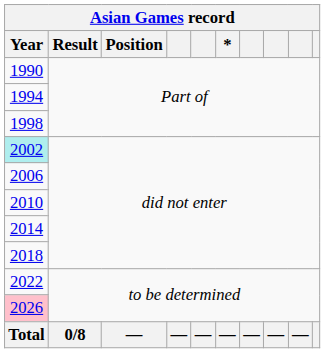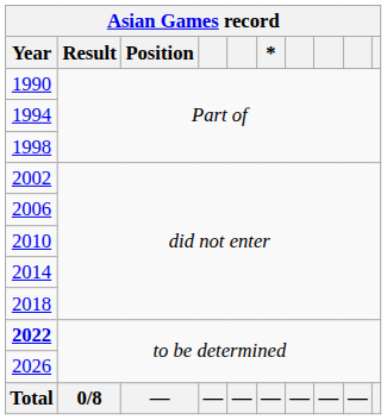 <table class="wikitable" style="text-align: center;">
 <tr>
 <th colspan="10"><a href='#'>Asian Games</a> record</th>
 </tr>
 <tr>
 <th>Year</th>
 <th>Result</th>
 <th>Position</th>
 <th></th>
 <th></th>
 <th>*</th>
 <th></th>
 <th></th>
 <th></th>
 <th></th>
 </tr>
 <tr>
 <td> <a href='#'>1990</a></td>
 <td colspan="9" rowspan="3"><em>Part of </em></td>
 </tr>
 <tr>
 <td> <a href='#'>1994</a></td>
 </tr>
 <tr>
 <td> <a href='#'>1998</a></td>
 </tr>
 <tr>
-<td style="background: paleturquoise;"> <a href='#'>2002</a></td>
+<td> <a href='#'>2002</a></td>
 <td colspan="9" rowspan="5"><em>did not enter</em></td>
 </tr>
 <tr>
 <td> <a href='#'>2006</a></td>
 </tr>
 <tr>
 <td> <a href='#'>2010</a></td>
 </tr>
 <tr>
 <td> <a href='#'>2014</a></td>
 </tr>
 <tr>
 <td> <a href='#'>2018</a></td>
 </tr>
 <tr>
-<td> <a href='#'>2022</a></td>
+<td><strong> <a href='#'>2022</a></strong></td>
 <td colspan="9" rowspan="2"><em>to be determined</em></td>
 </tr>
 <tr>
-<td style="background: pink;"> <a href='#'>2026</a></td>
+<td> <a href='#'>2026</a></td>
 </tr>
 <tr>
 <th><strong>Total</strong></th>
 <th><strong>0/8</strong></th>
 <th><strong>—</strong></th>
 <th><strong>—</strong></th>
 <th><strong>—</strong></th>
 <th><strong>—</strong></th>
 <th><strong>—</strong></th>
 <th><strong>—</strong></th>
 <th><strong>—</strong></th>
 <th></th>
 </tr>
 </table>
